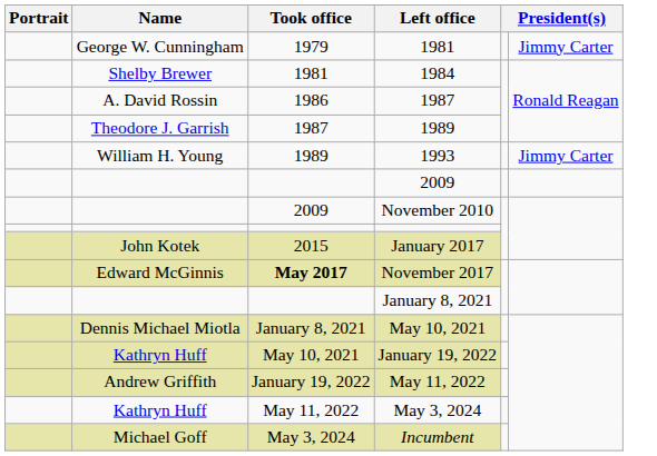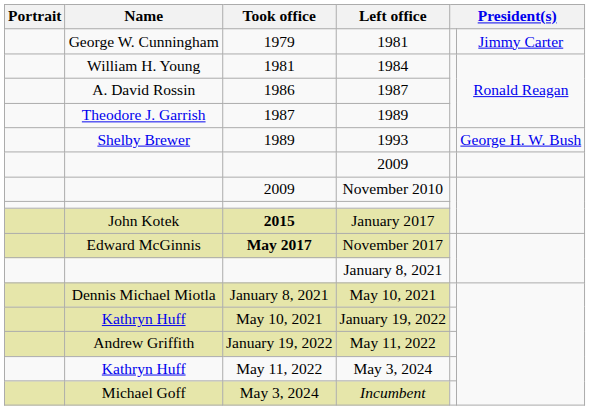 <table class="wikitable" style="text-align:center">
 <tr>
 <th>Portrait</th>
 <th>Name</th>
 <th>Took office</th>
 <th>Left office</th>
 <th colspan="2"><a href='#'>President(s)</a></th>
 </tr>
 <tr>
 <td></td>
 <td>George W. Cunningham</td>
 <td>1979</td>
 <td>1981</td>
 <td style="background: "></td>
 <td><a href='#'>Jimmy Carter</a></td>
 </tr>
 <tr>
 <td></td>
-<td><a href='#'>Shelby Brewer</a></td>
+<td>William H. Young</td>
 <td>1981</td>
 <td>1984</td>
 <td rowspan="3" style="background: "></td>
 <td rowspan="3"><a href='#'>Ronald Reagan</a></td>
 </tr>
 <tr>
 <td></td>
 <td>A. David Rossin</td>
 <td>1986</td>
 <td>1987</td>
 </tr>
 <tr>
 <td></td>
 <td><a href='#'>Theodore J. Garrish</a></td>
 <td>1987</td>
 <td>1989</td>
 </tr>
 <tr>
 <td></td>
-<td>William H. Young</td>
+<td><a href='#'>Shelby Brewer</a></td>
 <td>1989</td>
 <td>1993</td>
 <td style="background: "></td>
-<td><a href='#'>Jimmy Carter</a></td>
+<td><a href='#'>George H. W. Bush</a></td>
 </tr>
 <tr>
 <td></td>
 <td></td>
 <td></td>
 <td>2009</td>
 <td style="background: "></td>
 <td></td>
 </tr>
 <tr>
 <td></td>
 <td></td>
 <td>2009</td>
 <td>November 2010</td>
 <td rowspan="3" style="background: "></td>
 <td rowspan="3"></td>
 </tr>
 <tr>
 <td></td>
 <td></td>
 <td></td>
 <td></td>
 </tr>
 <tr>
 <td style="background:#e6e6aa;"></td>
 <td style="background:#e6e6aa;">John Kotek</td>
-<td style="background:#e6e6aa;">2015</td>
+<td style="background:#e6e6aa;"><strong>2015</strong></td>
 <td style="background:#e6e6aa;">January 2017</td>
 </tr>
 <tr>
 <td style="background:#e6e6aa;"></td>
 <td style="background:#e6e6aa;">Edward McGinnis</td>
 <td style="background:#e6e6aa;"><strong>May 2017</strong></td>
 <td style="background:#e6e6aa;">November 2017</td>
 <td rowspan="2" style="background: "></td>
 <td rowspan="2"></td>
 </tr>
 <tr>
 <td></td>
 <td></td>
 <td></td>
 <td>January 8, 2021</td>
 </tr>
 <tr>
 <td style="background:#e6e6aa;"></td>
 <td style="background:#e6e6aa;">Dennis Michael Miotla</td>
 <td style="background:#e6e6aa;">January 8, 2021</td>
 <td style="background:#e6e6aa;">May 10, 2021</td>
 <td style="background: "></td>
 <td rowspan="5"></td>
 </tr>
 <tr>
 <td style="background:#e6e6aa;"></td>
 <td style="background:#e6e6aa;"><a href='#'>Kathryn Huff</a></td>
 <td style="background:#e6e6aa;">May 10, 2021</td>
 <td style="background:#e6e6aa;">January 19, 2022</td>
 <td style="background: "></td>
 </tr>
 <tr>
 <td style="background:#e6e6aa;"></td>
 <td style="background:#e6e6aa;">Andrew Griffith</td>
 <td style="background:#e6e6aa;">January 19, 2022</td>
 <td style="background:#e6e6aa;">May 11, 2022</td>
 <td style="background: "></td>
 </tr>
 <tr>
 <td></td>
 <td><a href='#'>Kathryn Huff</a></td>
 <td>May 11, 2022</td>
 <td>May 3, 2024</td>
 <td style="background: "></td>
 </tr>
 <tr>
 <td style="background:#e6e6aa;"></td>
 <td style="background:#e6e6aa;">Michael Goff</td>
 <td style="background:#e6e6aa;">May 3, 2024</td>
 <td style="background:#e6e6aa;"><em>Incumbent</em></td>
 <td style="background: "></td>
 </tr>
 </table>
